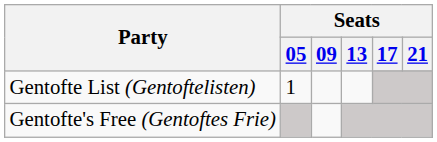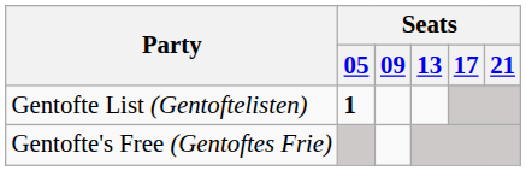 <table class="wikitable">
 <tr>
 <th rowspan=2>Party</th>
 <th colspan=11>Seats</th>
 </tr>
 <tr>
 <th><a href='#'>05</a></th>
 <th><a href='#'>09</a></th>
 <th><a href='#'>13</a></th>
 <th><a href='#'>17</a></th>
 <th><a href='#'>21</a></th>
 </tr>
 <tr>
 <td>Gentofte List <em>(Gentoftelisten)</em></td>
-<td>1</td>
+<td><strong>1</strong></td>
 <td></td>
 <td></td>
 <td style="background:#CDC9C9;" colspan=2></td>
 </tr>
 <tr>
 <td>Gentofte's Free <em>(Gentoftes Frie)</em></td>
 <td style="background:#CDC9C9;"></td>
 <td></td>
 <td style="background:#CDC9C9;" colspan=3></td>
 </tr>
 </table>
